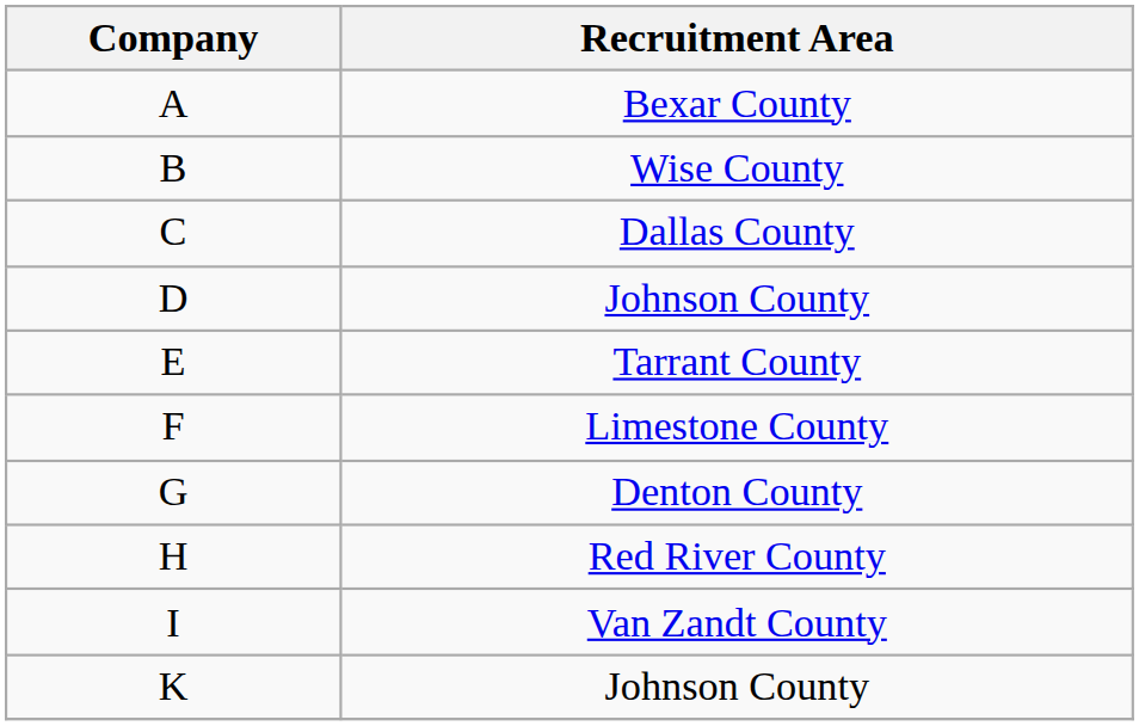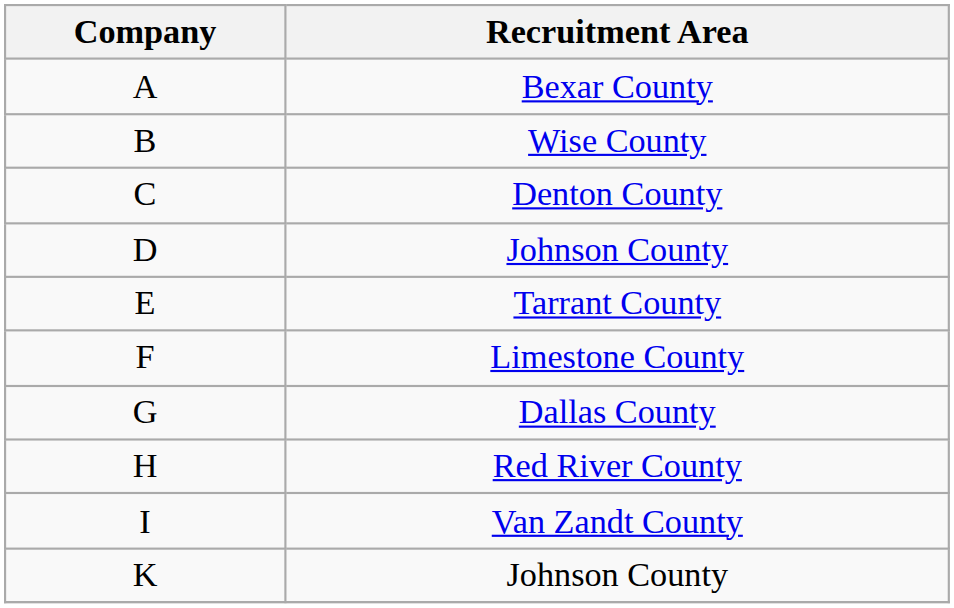 <table class="wikitable" style="text-align:center; width:35%;">
 <tr>
 <th width=8%>Company</th>
 <th width=27%>Recruitment Area</th>
 </tr>
 <tr>
 <td rowspan=1>A</td>
 <td><a href='#'>Bexar County</a></td>
 </tr>
 <tr>
 <td rowspan=1>B</td>
 <td><a href='#'>Wise County</a></td>
 </tr>
 <tr>
 <td rowspan=1>C</td>
-<td><a href='#'>Dallas County</a></td>
+<td><a href='#'>Denton County</a></td>
 </tr>
 <tr>
 <td rowspan=1>D</td>
 <td><a href='#'>Johnson County</a></td>
 </tr>
 <tr>
 <td rowspan=1>E</td>
 <td><a href='#'>Tarrant County</a></td>
 </tr>
 <tr>
 <td rowspan=1>F</td>
 <td><a href='#'>Limestone County</a></td>
 </tr>
 <tr>
 <td rowspan=1>G</td>
-<td><a href='#'>Denton County</a></td>
+<td><a href='#'>Dallas County</a></td>
 </tr>
 <tr>
 <td rowspan=1>H</td>
 <td><a href='#'>Red River County</a></td>
 </tr>
 <tr>
 <td rowspan=1>I</td>
 <td><a href='#'>Van Zandt County</a></td>
 </tr>
 <tr>
 <td rowspan=1>K</td>
 <td>Johnson County</td>
 </tr>
 <tr>
 </tr>
 </table>
